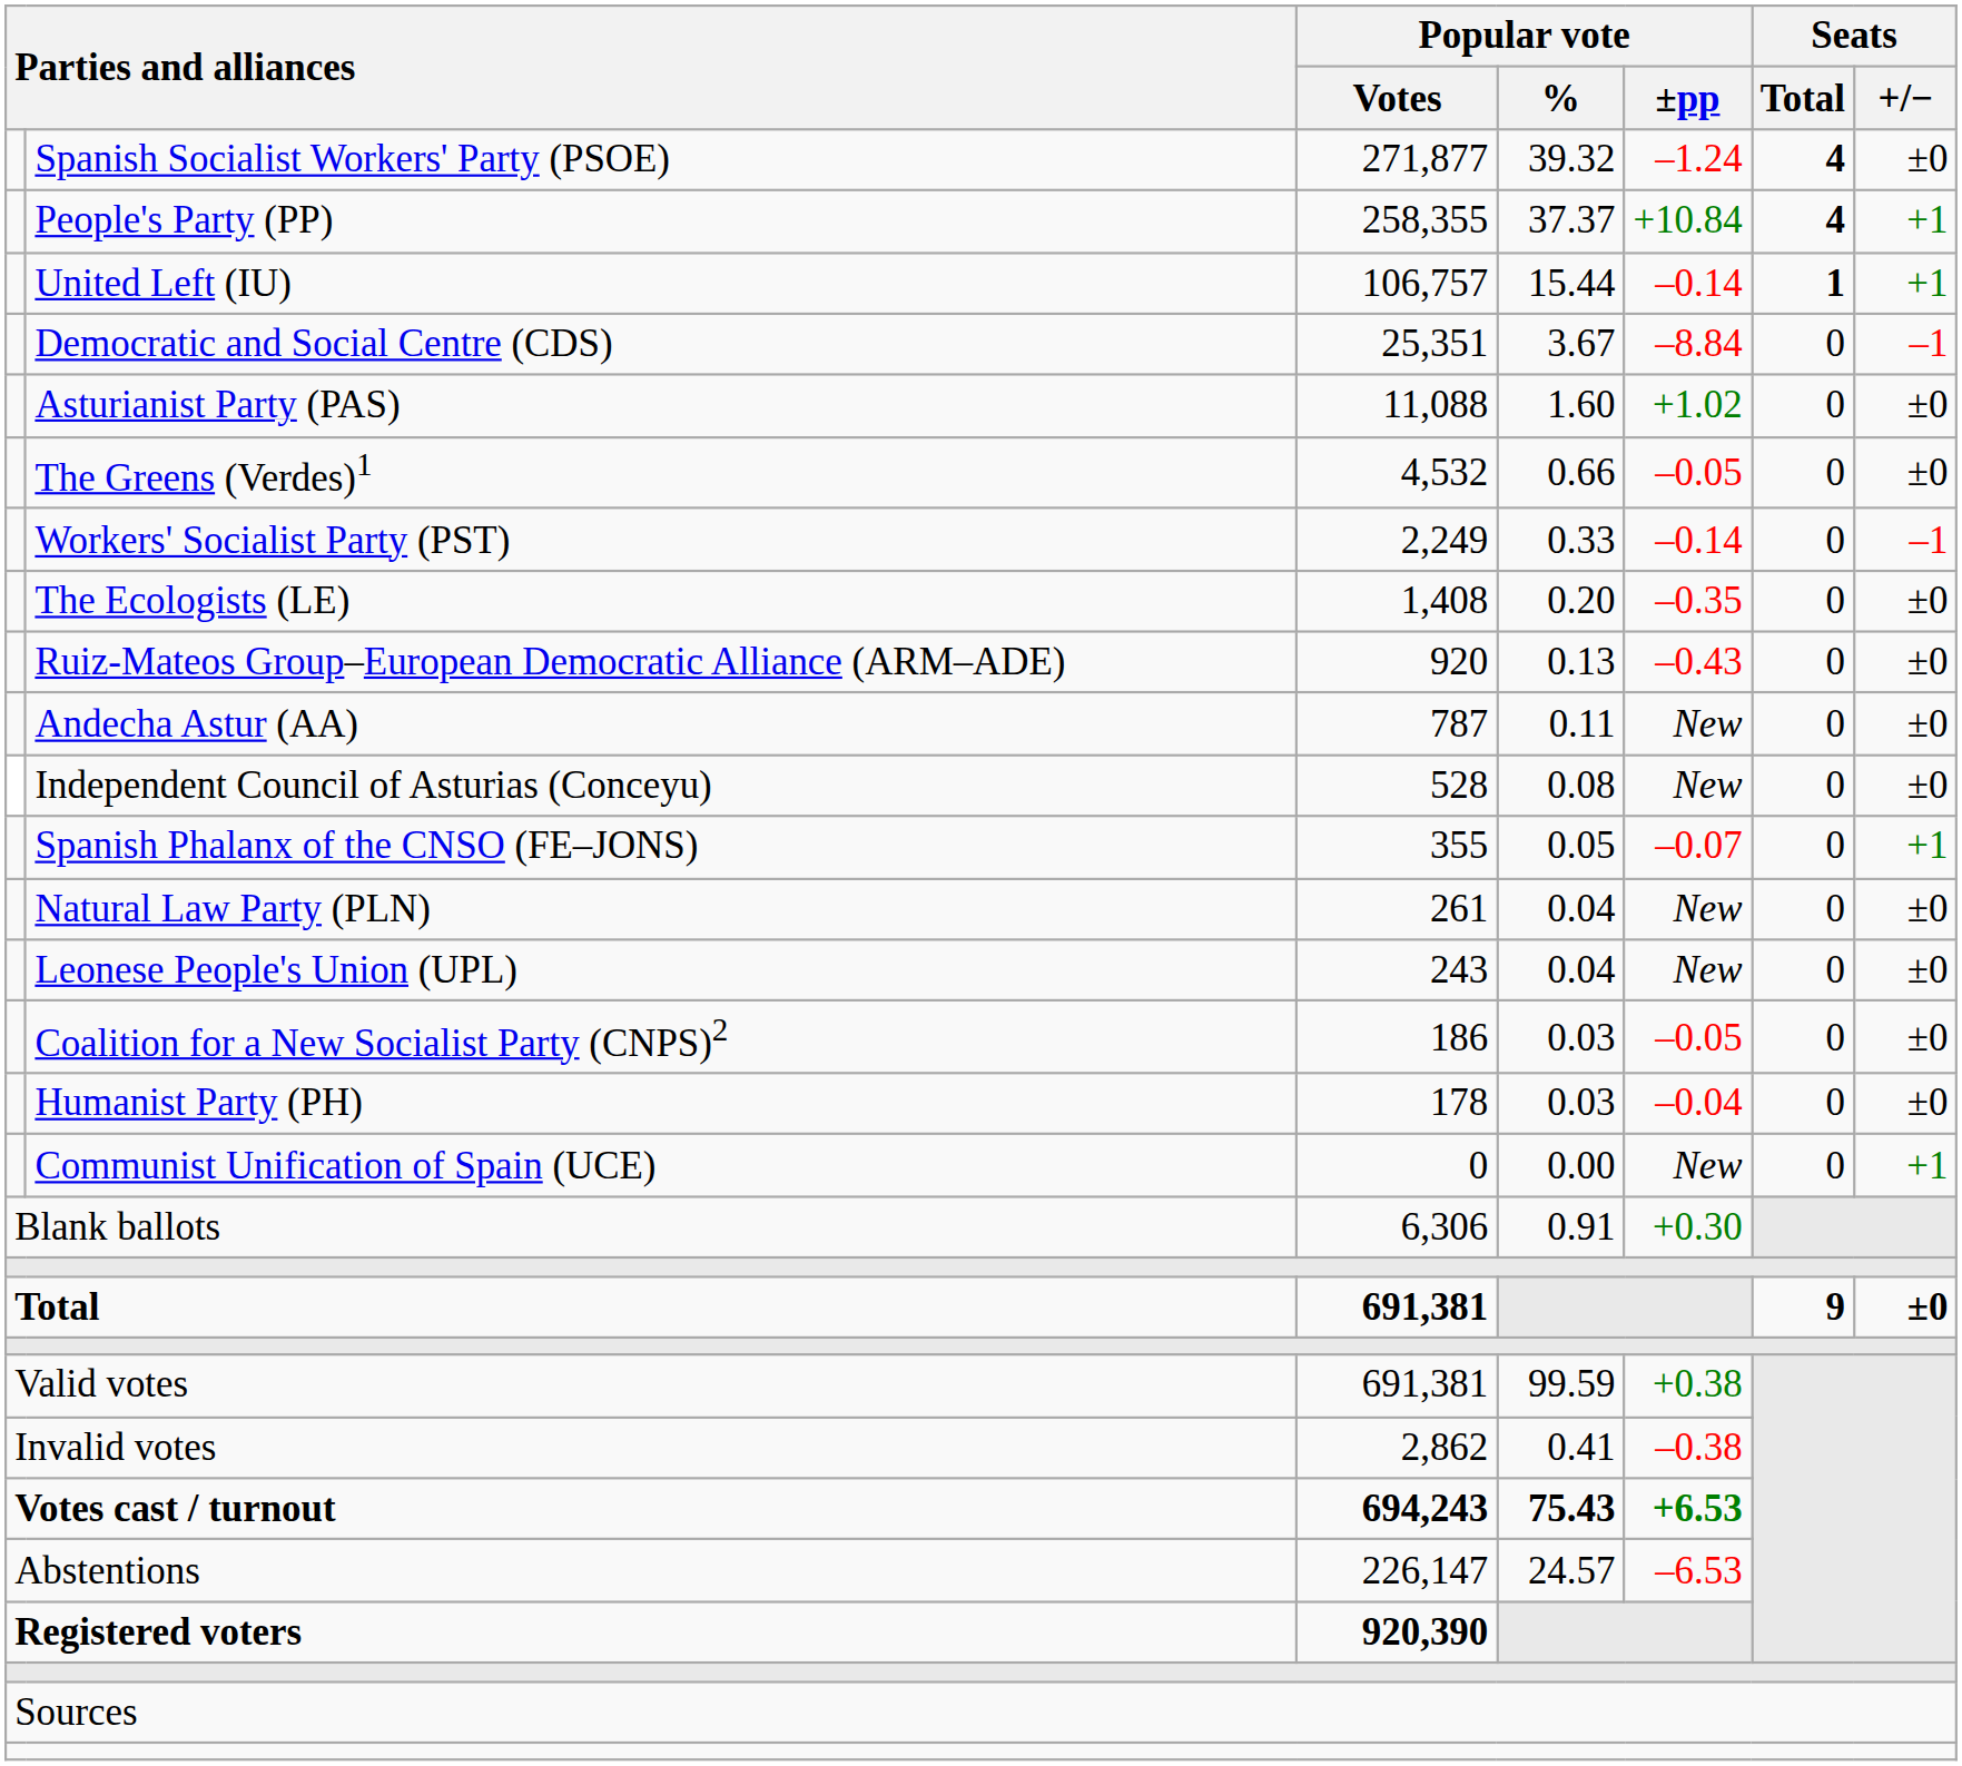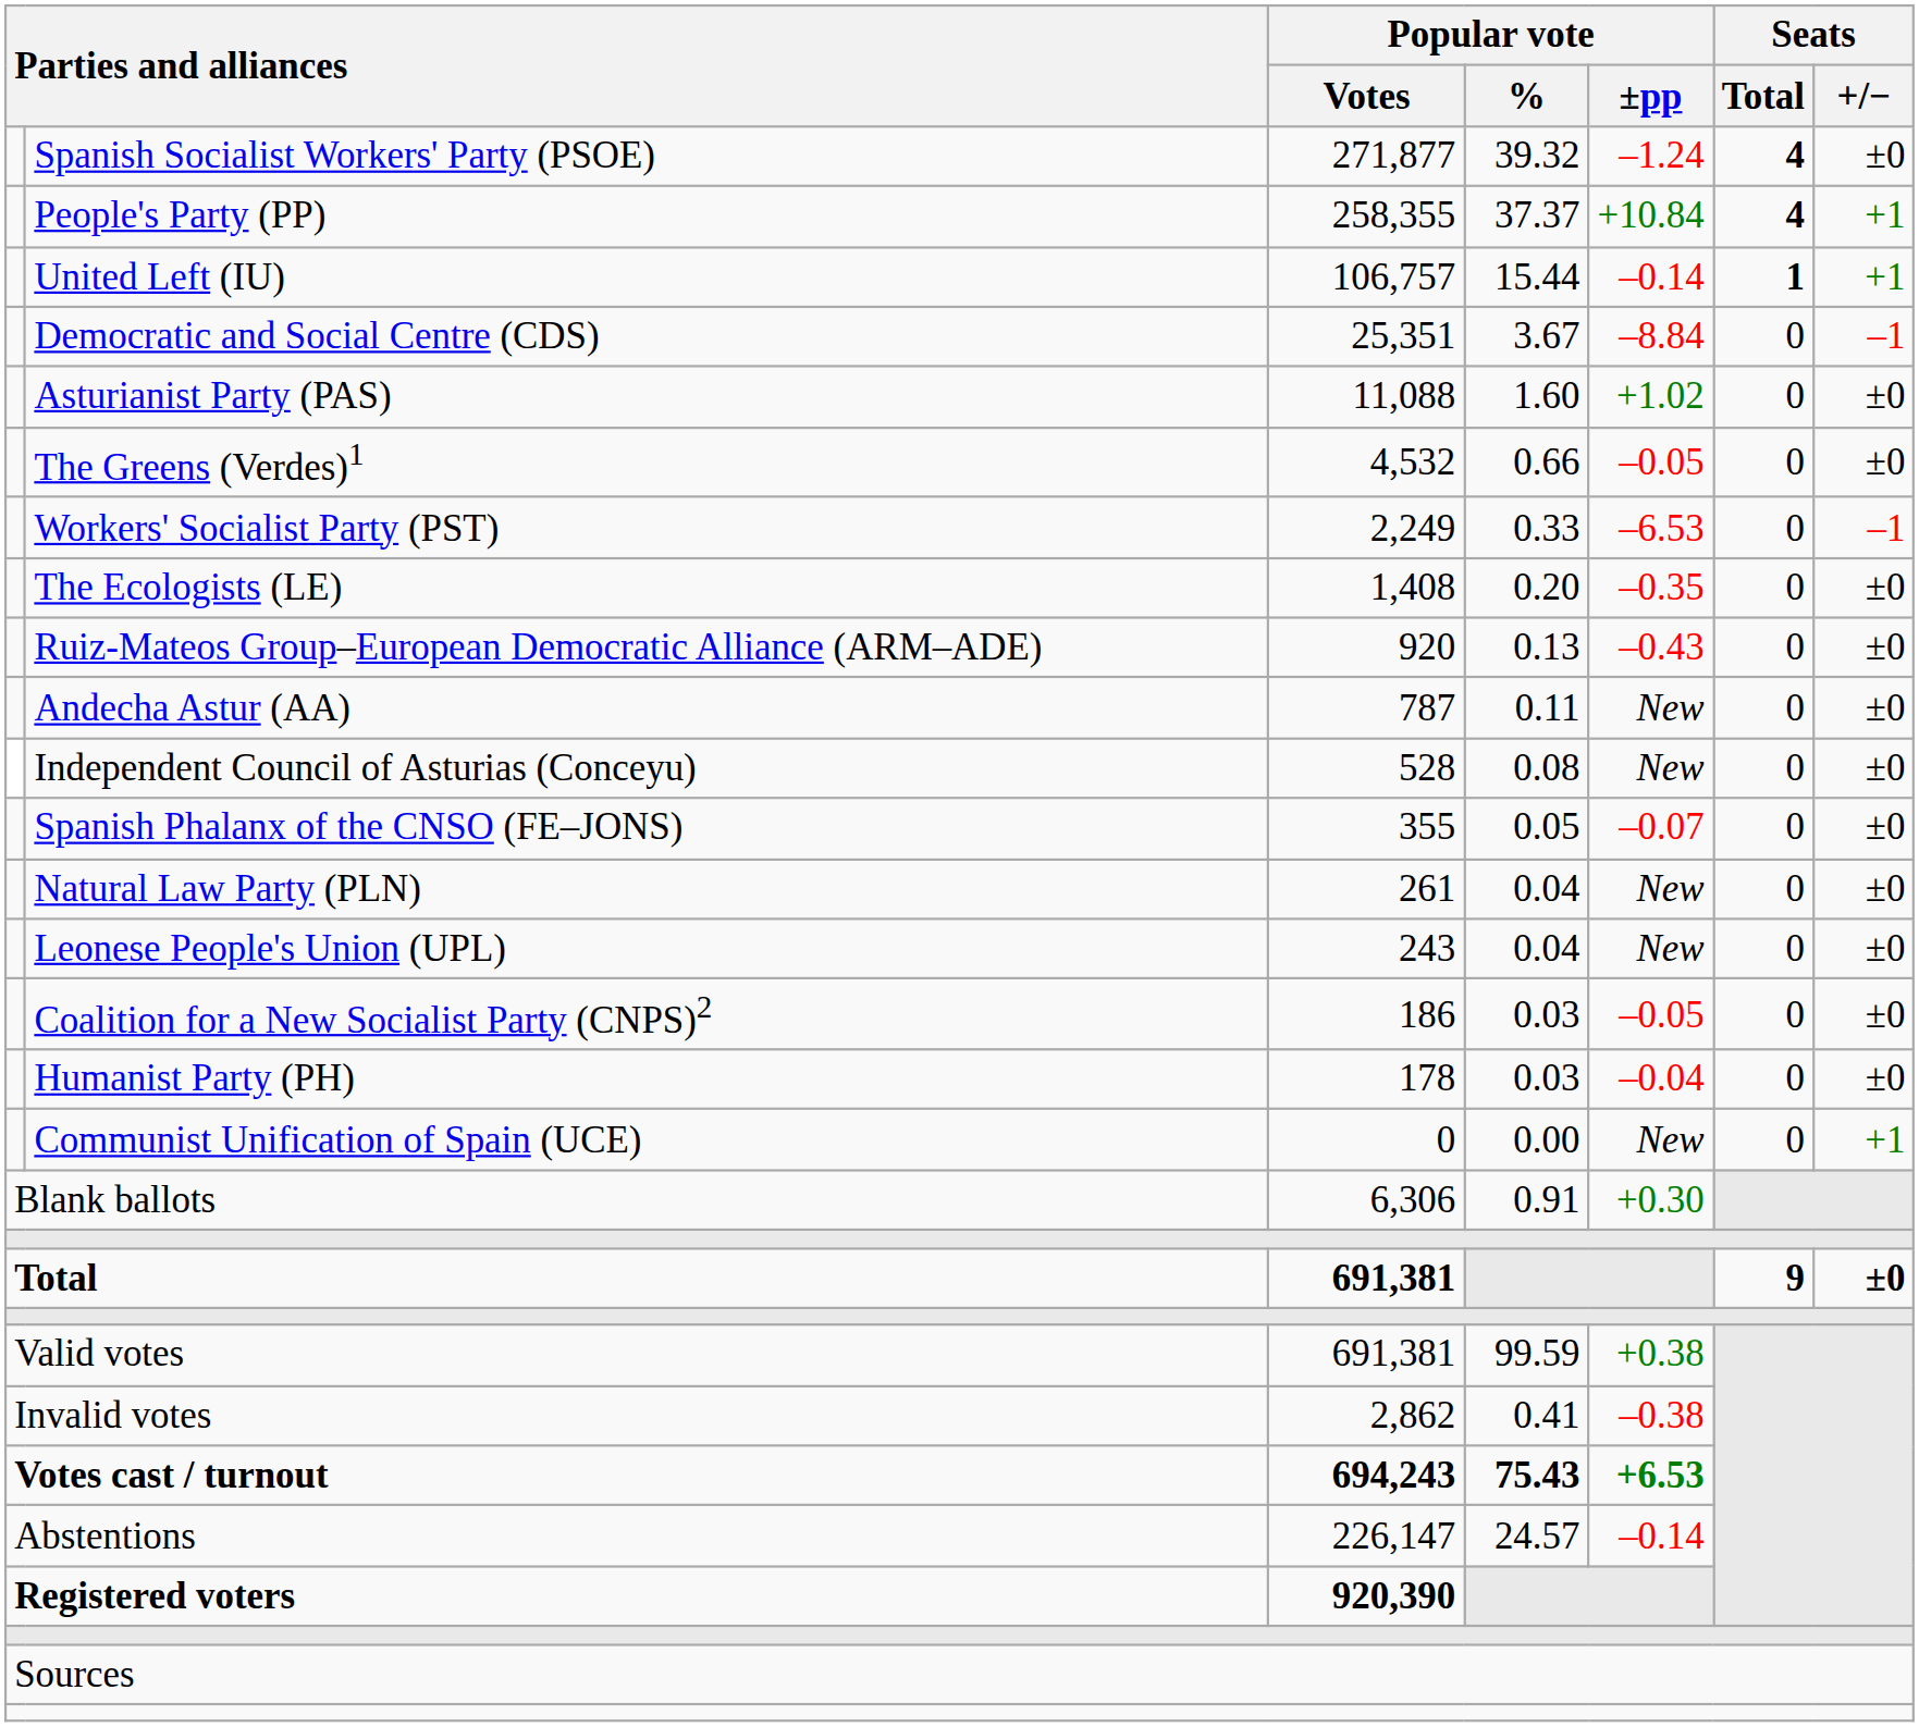 <table class="wikitable" style="text-align:right;">
 <tr>
 <th style="text-align:left;" rowspan="2" colspan="2" width="525">Parties and alliances</th>
 <th colspan="3">Popular vote</th>
 <th colspan="2">Seats</th>
 </tr>
 <tr>
 <th width="75">Votes</th>
 <th width="45">%</th>
 <th width="45">±<a href='#'>pp</a></th>
 <th width="35">Total</th>
 <th width="35">+/−</th>
 </tr>
 <tr>
 <td width="1" style="color:inherit;background:"></td>
 <td align="left"><a href='#'>Spanish Socialist Workers' Party</a> (PSOE)</td>
 <td>271,877</td>
 <td>39.32</td>
 <td style="color:red;">–1.24</td>
 <td><strong>4</strong></td>
 <td>±0</td>
 </tr>
 <tr>
 <td style="color:inherit;background:"></td>
 <td align="left"><a href='#'>People's Party</a> (PP)</td>
 <td>258,355</td>
 <td>37.37</td>
 <td style="color:green;">+10.84</td>
 <td><strong>4</strong></td>
 <td style="color:green;">+1</td>
 </tr>
 <tr>
 <td style="color:inherit;background:"></td>
 <td align="left"><a href='#'>United Left</a> (IU)</td>
 <td>106,757</td>
 <td>15.44</td>
 <td style="color:red;">–0.14</td>
 <td><strong>1</strong></td>
 <td style="color:green;">+1</td>
 </tr>
 <tr>
 <td style="color:inherit;background:"></td>
 <td align="left"><a href='#'>Democratic and Social Centre</a> (CDS)</td>
 <td>25,351</td>
 <td>3.67</td>
 <td style="color:red;">–8.84</td>
 <td>0</td>
 <td style="color:red;">–1</td>
 </tr>
 <tr>
 <td style="color:inherit;background:"></td>
 <td align="left"><a href='#'>Asturianist Party</a> (PAS)</td>
 <td>11,088</td>
 <td>1.60</td>
 <td style="color:green;">+1.02</td>
 <td>0</td>
 <td>±0</td>
 </tr>
 <tr>
 <td style="color:inherit;background:"></td>
 <td align="left"><a href='#'>The Greens</a> (Verdes)<sup>1</sup></td>
 <td>4,532</td>
 <td>0.66</td>
 <td style="color:red;">–0.05</td>
 <td>0</td>
 <td>±0</td>
 </tr>
 <tr>
 <td style="color:inherit;background:"></td>
 <td align="left"><a href='#'>Workers' Socialist Party</a> (PST)</td>
 <td>2,249</td>
 <td>0.33</td>
-<td style="color:red;">–0.14</td>
+<td style="color:red;">–6.53</td>
 <td>0</td>
 <td style="color:red;">–1</td>
 </tr>
 <tr>
 <td style="color:inherit;background:"></td>
 <td align="left"><a href='#'>The Ecologists</a> (LE)</td>
 <td>1,408</td>
 <td>0.20</td>
 <td style="color:red;">–0.35</td>
 <td>0</td>
 <td>±0</td>
 </tr>
 <tr>
 <td style="color:inherit;background:"></td>
 <td align="left"><a href='#'>Ruiz-Mateos Group</a>–<a href='#'>European Democratic Alliance</a> (ARM–ADE)</td>
 <td>920</td>
 <td>0.13</td>
 <td style="color:red;">–0.43</td>
 <td>0</td>
 <td>±0</td>
 </tr>
 <tr>
 <td style="color:inherit;background:"></td>
 <td align="left"><a href='#'>Andecha Astur</a> (AA)</td>
 <td>787</td>
 <td>0.11</td>
 <td><em>New</em></td>
 <td>0</td>
 <td>±0</td>
 </tr>
 <tr>
 <td bgcolor="white"></td>
 <td align="left">Independent Council of Asturias (Conceyu)</td>
 <td>528</td>
 <td>0.08</td>
 <td><em>New</em></td>
 <td>0</td>
 <td>±0</td>
 </tr>
 <tr>
 <td style="color:inherit;background:"></td>
 <td align="left"><a href='#'>Spanish Phalanx of the CNSO</a> (FE–JONS)</td>
 <td>355</td>
 <td>0.05</td>
 <td style="color:red;">–0.07</td>
 <td>0</td>
-<td style="color:green;">+1</td>
+<td>±0</td>
 </tr>
 <tr>
 <td style="color:inherit;background:"></td>
 <td align="left"><a href='#'>Natural Law Party</a> (PLN)</td>
 <td>261</td>
 <td>0.04</td>
 <td><em>New</em></td>
 <td>0</td>
 <td>±0</td>
 </tr>
 <tr>
 <td style="color:inherit;background:"></td>
 <td align="left"><a href='#'>Leonese People's Union</a> (UPL)</td>
 <td>243</td>
 <td>0.04</td>
 <td><em>New</em></td>
 <td>0</td>
 <td>±0</td>
 </tr>
 <tr>
 <td style="color:inherit;background:"></td>
 <td align="left"><a href='#'>Coalition for a New Socialist Party</a> (CNPS)<sup>2</sup></td>
 <td>186</td>
 <td>0.03</td>
 <td style="color:red;">–0.05</td>
 <td>0</td>
 <td>±0</td>
 </tr>
 <tr>
 <td style="color:inherit;background:"></td>
 <td align="left"><a href='#'>Humanist Party</a> (PH)</td>
 <td>178</td>
 <td>0.03</td>
 <td style="color:red;">–0.04</td>
 <td>0</td>
 <td>±0</td>
 </tr>
 <tr>
 <td style="color:inherit;background:"></td>
 <td align="left"><a href='#'>Communist Unification of Spain</a> (UCE)</td>
 <td>0</td>
 <td>0.00</td>
 <td><em>New</em></td>
 <td>0</td>
 <td style="color:green;">+1</td>
 </tr>
 <tr>
 <td align="left" colspan="2">Blank ballots</td>
 <td>6,306</td>
 <td>0.91</td>
 <td style="color:green;">+0.30</td>
 <td bgcolor="#E9E9E9" colspan="2"></td>
 </tr>
 <tr>
 <td colspan="7" bgcolor="#E9E9E9"></td>
 </tr>
 <tr style="font-weight:bold;">
 <td align="left" colspan="2">Total</td>
 <td>691,381</td>
 <td bgcolor="#E9E9E9" colspan="2"></td>
 <td>9</td>
 <td>±0</td>
 </tr>
 <tr>
 <td colspan="7" bgcolor="#E9E9E9"></td>
 </tr>
 <tr>
 <td align="left" colspan="2">Valid votes</td>
 <td>691,381</td>
 <td>99.59</td>
 <td style="color:green;">+0.38</td>
 <td bgcolor="#E9E9E9" colspan="2" rowspan="5"></td>
 </tr>
 <tr>
 <td align="left" colspan="2">Invalid votes</td>
 <td>2,862</td>
 <td>0.41</td>
 <td style="color:red;">–0.38</td>
 </tr>
 <tr style="font-weight:bold;">
 <td align="left" colspan="2">Votes cast / turnout</td>
 <td>694,243</td>
 <td>75.43</td>
 <td style="color:green;">+6.53</td>
 </tr>
 <tr>
 <td align="left" colspan="2">Abstentions</td>
 <td>226,147</td>
 <td>24.57</td>
-<td style="color:red;">–6.53</td>
+<td style="color:red;">–0.14</td>
 </tr>
 <tr style="font-weight:bold;">
 <td align="left" colspan="2">Registered voters</td>
 <td>920,390</td>
 <td bgcolor="#E9E9E9" colspan="2"></td>
 </tr>
 <tr>
 <td colspan="7" bgcolor="#E9E9E9"></td>
 </tr>
 <tr>
 <td align="left" colspan="7">Sources</td>
 </tr>
 <tr>
 <td colspan="7" style="text-align:left; max-width:790px;"></td>
 </tr>
 </table>
